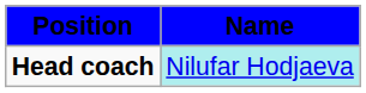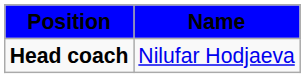 <table class="wikitable" style="font-size:90%;">
 <tr>
 <th style="background-color:blue;"><span>Position</span></th>
 <th style="background-color:blue;"><span>Name</span></th>
 </tr>
 <tr>
 <td><strong>Head coach</strong></td>
-<td align="left" style="background: paleturquoise;"> <a href='#'>Nilufar Hodjaeva</a></td>
+<td align="left"> <a href='#'>Nilufar Hodjaeva</a></td>
 </tr>
 </table>
